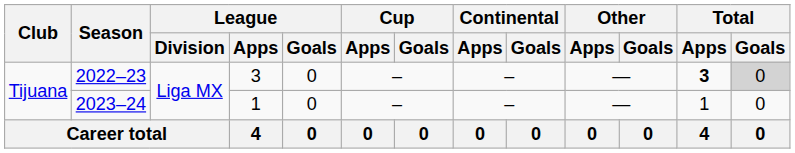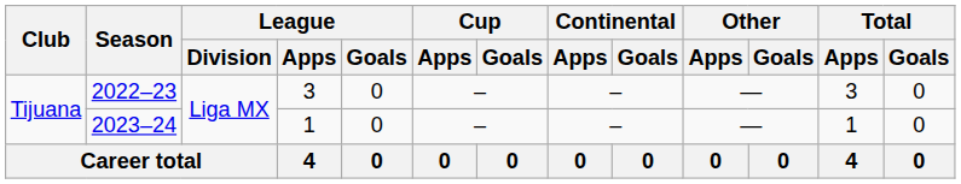 <table class="wikitable" style="text-align: center">
 <tr>
 <th rowspan="2">Club</th>
 <th rowspan="2">Season</th>
 <th colspan="3">League</th>
 <th colspan="2">Cup</th>
 <th colspan="2">Continental</th>
 <th colspan="2">Other</th>
 <th colspan="2">Total</th>
 </tr>
 <tr>
 <th>Division</th>
 <th>Apps</th>
 <th>Goals</th>
 <th>Apps</th>
 <th>Goals</th>
 <th>Apps</th>
 <th>Goals</th>
 <th>Apps</th>
 <th>Goals</th>
 <th>Apps</th>
 <th>Goals</th>
 </tr>
 <tr>
 <td rowspan="2"><a href='#'>Tijuana</a></td>
 <td><a href='#'>2022–23</a></td>
 <td rowspan="2"><a href='#'>Liga MX</a></td>
 <td>3</td>
 <td>0</td>
 <td colspan="2">–</td>
 <td colspan="2">–</td>
 <td colspan="2">—</td>
-<td><strong>3</strong></td>
-<td style="background: lightgrey;">0</td>
+<td>3</td>
+<td>0</td>
 </tr>
 <tr>
 <td><a href='#'>2023–24</a></td>
 <td>1</td>
 <td>0</td>
 <td colspan="2">–</td>
 <td colspan="2">–</td>
 <td colspan="2">—</td>
 <td>1</td>
 <td>0</td>
 </tr>
 <tr>
 <th colspan="3">Career total</th>
 <th>4</th>
 <th>0</th>
 <th>0</th>
 <th>0</th>
 <th>0</th>
 <th>0</th>
 <th>0</th>
 <th>0</th>
 <th>4</th>
 <th>0</th>
 </tr>
 </table>
